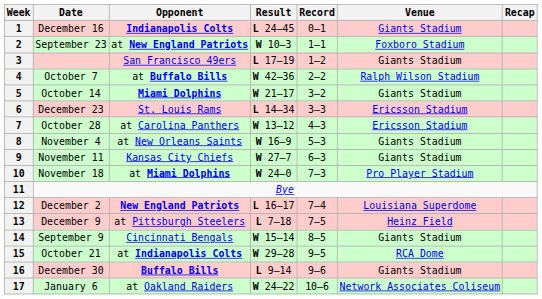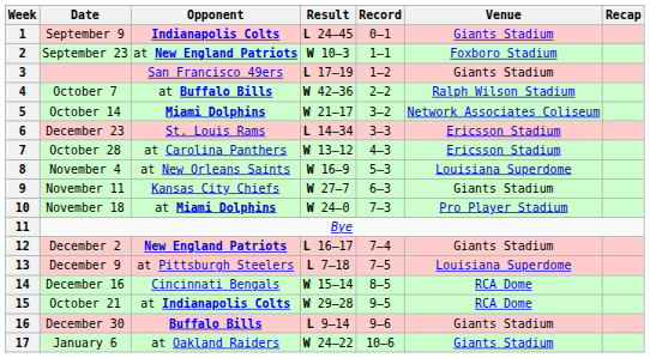 <table class="wikitable"style="text-align:center">
 <tr>
 <th>Week</th>
 <th>Date</th>
 <th>Opponent</th>
 <th>Result</th>
 <th>Record</th>
 <th>Venue</th>
 <th>Recap</th>
 </tr>
 <tr style="background:#fcc">
 <th>1</th>
-<td>December 16</td>
+<td>September 9</td>
 <td><strong><a href='#'>Indianapolis Colts</a></strong></td>
 <td><strong>L</strong> 24–45</td>
 <td>0–1</td>
 <td><a href='#'>Giants Stadium</a></td>
 <td></td>
 </tr>
 <tr style="background:#cfc">
 <th>2</th>
 <td>September 23</td>
 <td>at <strong><a href='#'>New England Patriots</a></strong></td>
 <td><strong>W</strong> 10–3</td>
 <td>1–1</td>
 <td><a href='#'>Foxboro Stadium</a></td>
 <td></td>
 </tr>
 <tr style="background:#fcc">
 <th>3</th>
 <td></td>
 <td><a href='#'>San Francisco 49ers</a></td>
 <td><strong>L</strong>  17–19</td>
 <td>1–2</td>
 <td>Giants Stadium</td>
 <td></td>
 </tr>
 <tr style="background:#cfc">
 <th>4</th>
 <td>October 7</td>
 <td>at <strong><a href='#'>Buffalo Bills</a></strong></td>
 <td><strong>W</strong> 42–36</td>
 <td>2–2</td>
 <td><a href='#'>Ralph Wilson Stadium</a></td>
 <td></td>
 </tr>
 <tr style="background:#cfc">
 <th>5</th>
 <td>October 14</td>
 <td><strong><a href='#'>Miami Dolphins</a></strong></td>
 <td><strong>W</strong> 21–17</td>
 <td>3–2</td>
-<td>Giants Stadium</td>
+<td><a href='#'>Network Associates Coliseum</a></td>
 <td></td>
 </tr>
 <tr style="background:#fcc">
 <th>6</th>
 <td>December 23</td>
 <td><a href='#'>St. Louis Rams</a></td>
 <td><strong>L</strong> 14–34</td>
 <td>3–3</td>
 <td><a href='#'>Ericsson Stadium</a></td>
 <td></td>
 </tr>
 <tr style="background:#cfc">
 <th>7</th>
 <td>October 28</td>
 <td>at <a href='#'>Carolina Panthers</a></td>
 <td><strong>W</strong> 13–12</td>
 <td>4–3</td>
 <td><a href='#'>Ericsson Stadium</a></td>
 <td></td>
 </tr>
 <tr style="background:#cfc">
 <th>8</th>
 <td>November 4</td>
 <td>at <a href='#'>New Orleans Saints</a></td>
 <td><strong>W</strong> 16–9</td>
 <td>5–3</td>
-<td>Giants Stadium</td>
+<td><a href='#'>Louisiana Superdome</a></td>
 <td></td>
 </tr>
 <tr style="background:#cfc">
 <th>9</th>
 <td>November 11</td>
 <td><a href='#'>Kansas City Chiefs</a></td>
 <td><strong>W</strong> 27–7</td>
 <td>6–3</td>
 <td>Giants Stadium</td>
 <td></td>
 </tr>
 <tr style="background:#cfc">
 <th>10</th>
 <td>November 18</td>
 <td>at <strong><a href='#'>Miami Dolphins</a></strong></td>
 <td><strong>W</strong> 24–0</td>
 <td>7–3</td>
 <td><a href='#'>Pro Player Stadium</a></td>
 <td></td>
 </tr>
 <tr>
 <th>11</th>
 <td colspan="6"><em><a href='#'>Bye</a></em></td>
 </tr>
 <tr style="background:#fcc">
 <th>12</th>
 <td>December 2</td>
 <td><strong><a href='#'>New England Patriots</a></strong></td>
 <td><strong>L</strong> 16–17</td>
 <td>7–4</td>
-<td><a href='#'>Louisiana Superdome</a></td>
+<td>Giants Stadium</td>
 <td></td>
 </tr>
 <tr style="background:#fcc">
 <th>13</th>
 <td>December 9</td>
 <td>at <a href='#'>Pittsburgh Steelers</a></td>
 <td><strong>L</strong> 7–18</td>
 <td>7–5</td>
-<td><a href='#'>Heinz Field</a></td>
+<td><a href='#'>Louisiana Superdome</a></td>
 <td></td>
 </tr>
 <tr style="background:#cfc">
 <th>14</th>
-<td>September 9</td>
+<td>December 16</td>
 <td><a href='#'>Cincinnati Bengals</a></td>
 <td><strong>W</strong> 15–14</td>
 <td>8–5</td>
-<td>Giants Stadium</td>
+<td><a href='#'>RCA Dome</a></td>
 <td></td>
 </tr>
 <tr style="background:#cfc">
 <th>15</th>
 <td>October 21</td>
 <td>at <strong><a href='#'>Indianapolis Colts</a></strong></td>
 <td><strong>W</strong> 29–28</td>
 <td>9–5</td>
 <td><a href='#'>RCA Dome</a></td>
 <td></td>
 </tr>
 <tr style="background:#fcc">
 <th>16</th>
 <td>December 30</td>
 <td><strong><a href='#'>Buffalo Bills</a></strong></td>
 <td><strong>L</strong> 9–14</td>
 <td>9–6</td>
 <td>Giants Stadium</td>
 <td></td>
 </tr>
 <tr style="background:#cfc">
 <th>17</th>
 <td>January 6</td>
 <td>at <a href='#'>Oakland Raiders</a></td>
 <td><strong>W</strong> 24–22</td>
 <td>10–6</td>
-<td><a href='#'>Network Associates Coliseum</a></td>
+<td><a href='#'>Giants Stadium</a></td>
 <td></td>
 </tr>
 </table>
